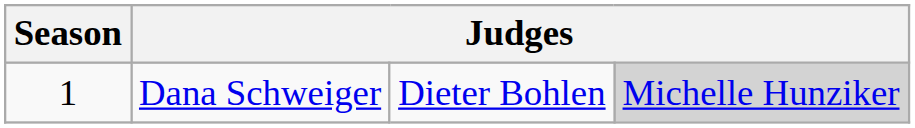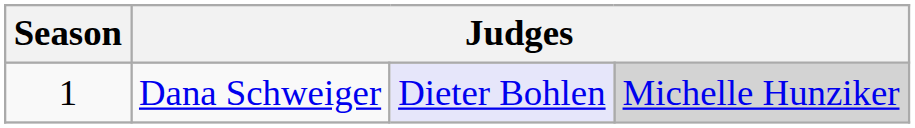 <table class="wikitable" style="text-align:center;">
 <tr>
 <th>Season</th>
 <th colspan="3">Judges</th>
 </tr>
 <tr>
 <td>1</td>
 <td><a href='#'>Dana Schweiger</a></td>
-<td><a href='#'>Dieter Bohlen</a></td>
+<td style="background: lavender;"><a href='#'>Dieter Bohlen</a></td>
 <td style="background: lightgrey;"><a href='#'>Michelle Hunziker</a></td>
 </tr>
 </table>
